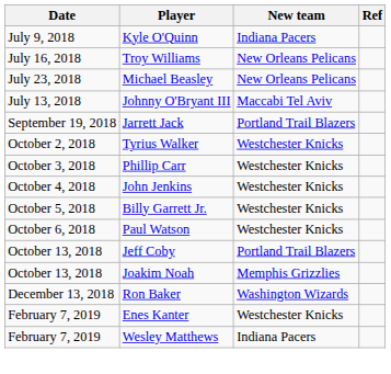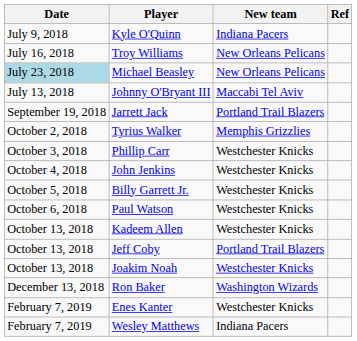 <table class="wikitable" style="text-align:left;">
 <tr>
 <th>Date</th>
 <th>Player</th>
 <th>New team</th>
 <th>Ref</th>
 </tr>
 <tr>
 <td>July 9, 2018</td>
 <td><a href='#'>Kyle O'Quinn</a></td>
 <td><a href='#'>Indiana Pacers</a></td>
 <td></td>
 </tr>
 <tr>
 <td>July 16, 2018</td>
 <td><a href='#'>Troy Williams</a></td>
 <td><a href='#'>New Orleans Pelicans</a></td>
 <td></td>
 </tr>
 <tr>
-<td>July 23, 2018</td>
+<td style="background: lightblue;">July 23, 2018</td>
 <td><a href='#'>Michael Beasley</a></td>
 <td><a href='#'>New Orleans Pelicans</a></td>
 <td></td>
 </tr>
 <tr>
 <td>July 13, 2018</td>
 <td><a href='#'>Johnny O'Bryant III</a></td>
 <td><a href='#'>Maccabi Tel Aviv</a></td>
 <td></td>
 </tr>
 <tr>
 <td>September 19, 2018</td>
 <td><a href='#'>Jarrett Jack</a></td>
 <td><a href='#'>Portland Trail Blazers</a></td>
 <td></td>
 </tr>
 <tr>
 <td>October 2, 2018</td>
 <td><a href='#'>Tyrius Walker</a></td>
-<td><a href='#'>Westchester Knicks</a></td>
+<td><a href='#'>Memphis Grizzlies</a></td>
 <td></td>
 </tr>
 <tr>
 <td>October 3, 2018</td>
 <td><a href='#'>Phillip Carr</a></td>
 <td>Westchester Knicks</td>
 <td></td>
 </tr>
 <tr>
 <td>October 4, 2018</td>
 <td><a href='#'>John Jenkins</a></td>
 <td>Westchester Knicks</td>
 <td></td>
 </tr>
 <tr>
 <td>October 5, 2018</td>
 <td><a href='#'>Billy Garrett Jr.</a></td>
 <td>Westchester Knicks</td>
 <td></td>
 </tr>
 <tr>
 <td>October 6, 2018</td>
 <td><a href='#'>Paul Watson</a></td>
 <td>Westchester Knicks</td>
 <td></td>
 </tr>
 <tr>
 <td>October 13, 2018</td>
+<td><a href='#'>Kadeem Allen</a></td>
+<td>Westchester Knicks</td>
+<td></td>
+</tr>
+<tr>
+<td>October 13, 2018</td>
 <td><a href='#'>Jeff Coby</a></td>
 <td><a href='#'>Portland Trail Blazers</a></td>
 <td></td>
 </tr>
 <tr>
 <td>October 13, 2018</td>
 <td><a href='#'>Joakim Noah</a></td>
-<td><a href='#'>Memphis Grizzlies</a></td>
+<td><a href='#'>Westchester Knicks</a></td>
 <td></td>
 </tr>
 <tr>
 <td>December 13, 2018</td>
 <td><a href='#'>Ron Baker</a></td>
 <td><a href='#'>Washington Wizards</a></td>
 <td></td>
 </tr>
 <tr>
 <td>February 7, 2019</td>
 <td><a href='#'>Enes Kanter</a></td>
 <td>Westchester Knicks</td>
 <td></td>
 </tr>
 <tr>
 <td>February 7, 2019</td>
 <td><a href='#'>Wesley Matthews</a></td>
 <td>Indiana Pacers</td>
 <td></td>
 </tr>
 </table>
